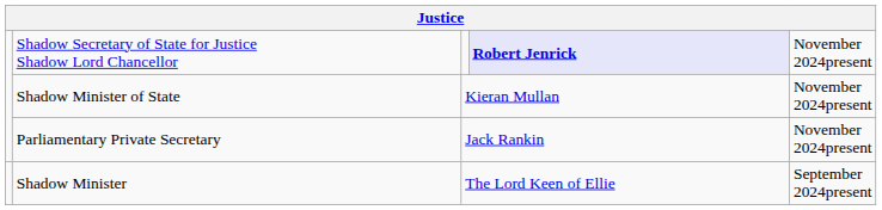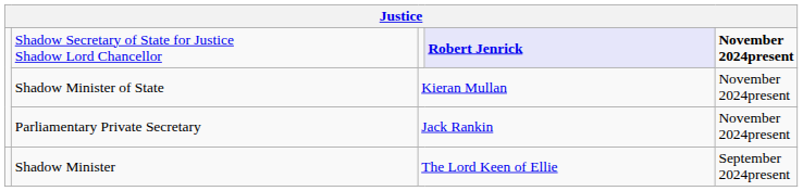 <table class="wikitable">
 <tr>
 <th colspan="5"><a href='#'>Justice</a></th>
 </tr>
 <tr>
 <td rowspan="3" style="background: "></td>
 <td style="width: 450px;"><a href='#'>Shadow Secretary of State for Justice</a><br><a href='#'>Shadow Lord Chancellor</a></td>
 <td style="background: "></td>
 <td style="background: lavender; width: 320px;"><strong><a href='#'>Robert Jenrick</a></strong></td>
-<td>November 2024present</td>
+<td><strong>November 2024present</strong></td>
 </tr>
 <tr>
 <td>Shadow Minister of State</td>
 <td colspan="2"><a href='#'>Kieran Mullan</a></td>
 <td>November 2024present</td>
 </tr>
 <tr>
 <td>Parliamentary Private Secretary</td>
 <td colspan="2"><a href='#'>Jack Rankin</a></td>
 <td>November 2024present</td>
 </tr>
 <tr>
 <td rowspan="2" style="background: "></td>
 <td>Shadow Minister</td>
 <td colspan="2"><a href='#'>The Lord Keen of Ellie</a></td>
 <td>September 2024present</td>
 </tr>
 </table>
